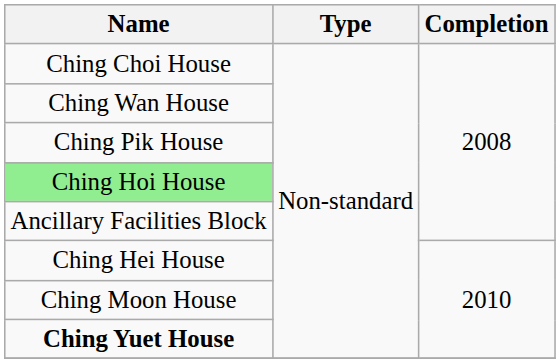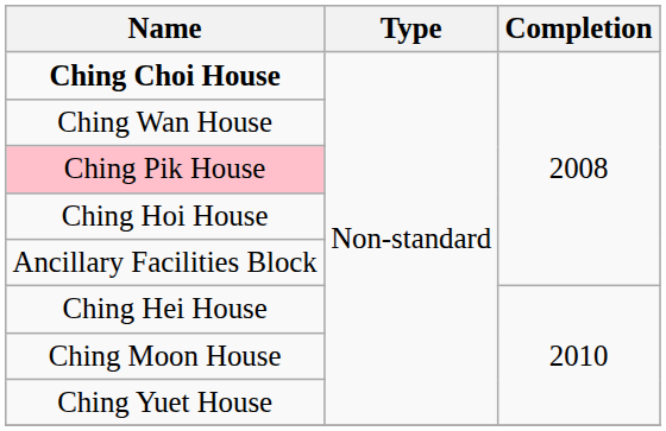 <table class="wikitable" style="text-align: center">
 <tr>
 <th>Name</th>
 <th>Type</th>
 <th>Completion</th>
 </tr>
 <tr>
-<td>Ching Choi House</td>
+<td><strong>Ching Choi House</strong></td>
 <td rowspan="8">Non-standard</td>
 <td rowspan="5">2008</td>
 </tr>
 <tr>
 <td>Ching Wan House</td>
 </tr>
 <tr>
-<td>Ching Pik House</td>
+<td style="background: pink;">Ching Pik House</td>
 </tr>
 <tr>
-<td style="background: lightgreen;">Ching Hoi House</td>
+<td>Ching Hoi House</td>
 </tr>
 <tr>
 <td>Ancillary Facilities Block</td>
 </tr>
 <tr>
 <td>Ching Hei House</td>
 <td rowspan="3">2010</td>
 </tr>
 <tr>
 <td>Ching Moon House</td>
 </tr>
 <tr>
-<td><strong>Ching Yuet House</strong></td>
+<td>Ching Yuet House</td>
 </tr>
 <tr>
 </tr>
 </table>
